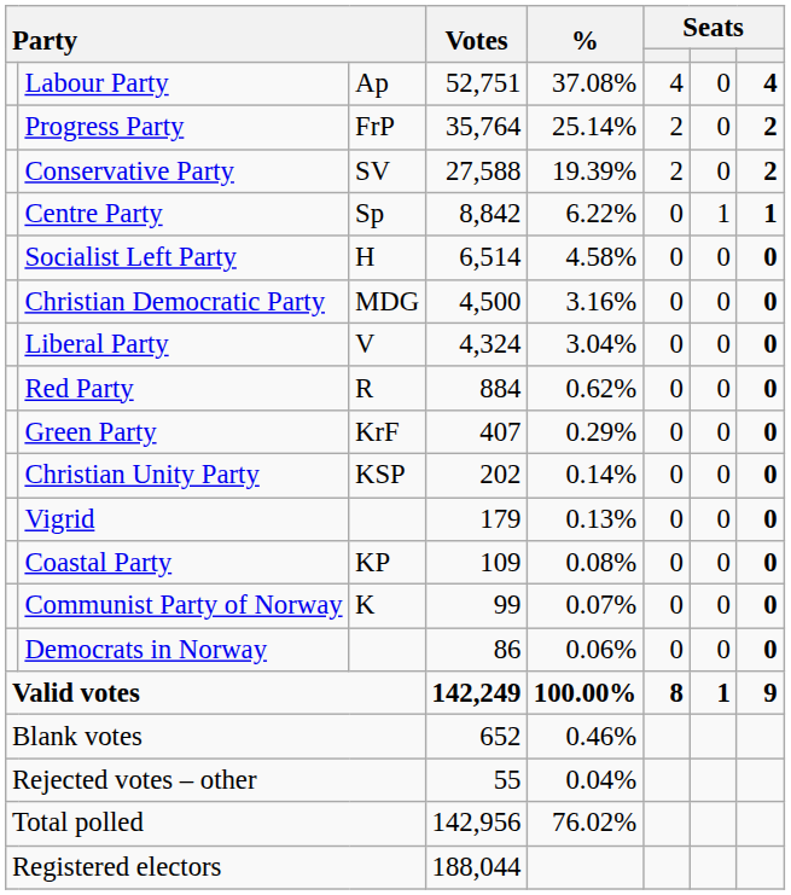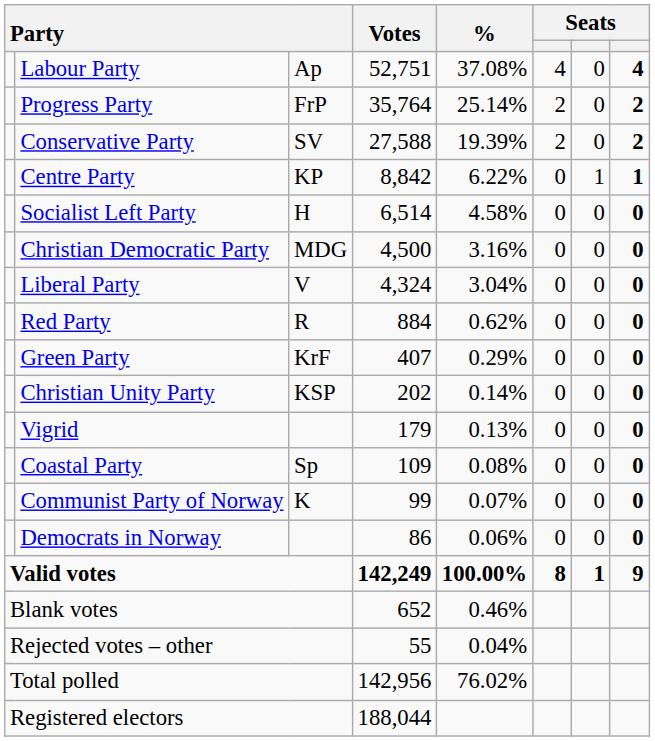 <table class="wikitable" border="1" style="text-align:right;">
 <tr>
 <th style="text-align:left;" valign=bottom rowspan=2 colspan=3>Party</th>
 <th align=center valign=bottom rowspan=2 width="50">Votes</th>
 <th align=center valign=bottom rowspan=2 width="50">%</th>
 <th colspan=3>Seats</th>
 </tr>
 <tr>
 <th align=center valign=bottom width="20"><small></small></th>
 <th align=center valign=bottom width="20"><small><a href='#'></a></small></th>
 <th align=center valign=bottom width="20"><small></small></th>
 </tr>
 <tr>
 <td style="color:inherit;background:"></td>
 <td align=left><a href='#'>Labour Party</a></td>
 <td align=left>Ap</td>
 <td>52,751</td>
 <td>37.08%</td>
 <td>4</td>
 <td>0</td>
 <td><strong>4</strong></td>
 </tr>
 <tr>
 <td style="color:inherit;background:"></td>
 <td align=left><a href='#'>Progress Party</a></td>
 <td align=left>FrP</td>
 <td>35,764</td>
 <td>25.14%</td>
 <td>2</td>
 <td>0</td>
 <td><strong>2</strong></td>
 </tr>
 <tr>
 <td style="color:inherit;background:"></td>
 <td align=left><a href='#'>Conservative Party</a></td>
 <td align=left>SV</td>
 <td>27,588</td>
 <td>19.39%</td>
 <td>2</td>
 <td>0</td>
 <td><strong>2</strong></td>
 </tr>
 <tr>
 <td style="color:inherit;background:"></td>
 <td align=left><a href='#'>Centre Party</a></td>
-<td align=left>Sp</td>
+<td align=left>KP</td>
 <td>8,842</td>
 <td>6.22%</td>
 <td>0</td>
 <td>1</td>
 <td><strong>1</strong></td>
 </tr>
 <tr>
 <td style="color:inherit;background:"></td>
 <td align=left><a href='#'>Socialist Left Party</a></td>
 <td align=left>H</td>
 <td>6,514</td>
 <td>4.58%</td>
 <td>0</td>
 <td>0</td>
 <td><strong>0</strong></td>
 </tr>
 <tr>
 <td style="color:inherit;background:"></td>
 <td align=left><a href='#'>Christian Democratic Party</a></td>
 <td align=left>MDG</td>
 <td>4,500</td>
 <td>3.16%</td>
 <td>0</td>
 <td>0</td>
 <td><strong>0</strong></td>
 </tr>
 <tr>
 <td style="color:inherit;background:"></td>
 <td align=left><a href='#'>Liberal Party</a></td>
 <td align=left>V</td>
 <td>4,324</td>
 <td>3.04%</td>
 <td>0</td>
 <td>0</td>
 <td><strong>0</strong></td>
 </tr>
 <tr>
 <td style="color:inherit;background:"></td>
 <td align=left><a href='#'>Red Party</a></td>
 <td align=left>R</td>
 <td>884</td>
 <td>0.62%</td>
 <td>0</td>
 <td>0</td>
 <td><strong>0</strong></td>
 </tr>
 <tr>
 <td style="color:inherit;background:"></td>
 <td align=left><a href='#'>Green Party</a></td>
 <td align=left>KrF</td>
 <td>407</td>
 <td>0.29%</td>
 <td>0</td>
 <td>0</td>
 <td><strong>0</strong></td>
 </tr>
 <tr>
 <td style="color:inherit;background:"></td>
 <td align=left><a href='#'>Christian Unity Party</a></td>
 <td align=left>KSP</td>
 <td>202</td>
 <td>0.14%</td>
 <td>0</td>
 <td>0</td>
 <td><strong>0</strong></td>
 </tr>
 <tr>
 <td></td>
 <td align=left><a href='#'>Vigrid</a></td>
 <td align=left></td>
 <td>179</td>
 <td>0.13%</td>
 <td>0</td>
 <td>0</td>
 <td><strong>0</strong></td>
 </tr>
 <tr>
 <td style="color:inherit;background:"></td>
 <td align=left><a href='#'>Coastal Party</a></td>
-<td align=left>KP</td>
+<td align=left>Sp</td>
 <td>109</td>
 <td>0.08%</td>
 <td>0</td>
 <td>0</td>
 <td><strong>0</strong></td>
 </tr>
 <tr>
 <td style="color:inherit;background:"></td>
 <td align=left><a href='#'>Communist Party of Norway</a></td>
 <td align=left>K</td>
 <td>99</td>
 <td>0.07%</td>
 <td>0</td>
 <td>0</td>
 <td><strong>0</strong></td>
 </tr>
 <tr>
 <td style="color:inherit;background:"></td>
 <td align=left><a href='#'>Democrats in Norway</a></td>
 <td align=left></td>
 <td>86</td>
 <td>0.06%</td>
 <td>0</td>
 <td>0</td>
 <td><strong>0</strong></td>
 </tr>
 <tr style="font-weight:bold">
 <td align=left colspan=3>Valid votes</td>
 <td>142,249</td>
 <td>100.00%</td>
 <td>8</td>
 <td>1</td>
 <td>9</td>
 </tr>
 <tr>
 <td align=left colspan=3>Blank votes</td>
 <td>652</td>
 <td>0.46%</td>
 <td></td>
 <td></td>
 <td></td>
 </tr>
 <tr>
 <td align=left colspan=3>Rejected votes – other</td>
 <td>55</td>
 <td>0.04%</td>
 <td></td>
 <td></td>
 <td></td>
 </tr>
 <tr>
 <td align=left colspan=3>Total polled</td>
 <td>142,956</td>
 <td>76.02%</td>
 <td></td>
 <td></td>
 <td></td>
 </tr>
 <tr>
 <td align=left colspan=3>Registered electors</td>
 <td>188,044</td>
 <td></td>
 <td></td>
 <td></td>
 <td></td>
 </tr>
 </table>
